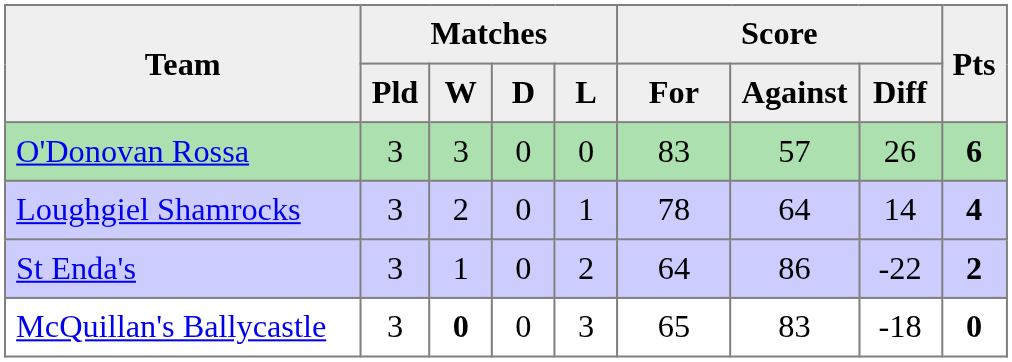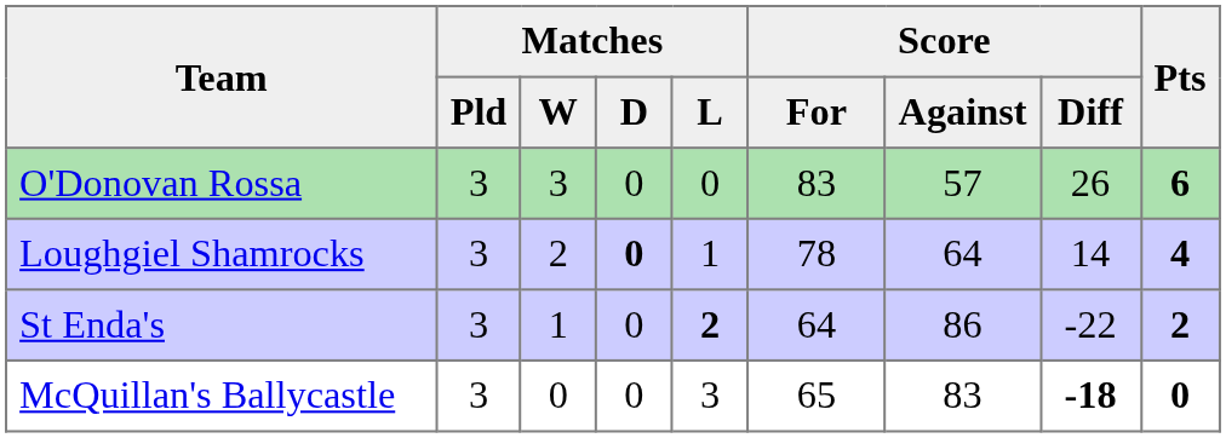 <table style=border-collapse:collapse border=1 cellspacing=0 cellpadding=5>
 <tr align=center bgcolor=#efefef>
 <th rowspan=2 width=165>Team</th>
 <th colspan=4>Matches</th>
 <th colspan=3>Score</th>
 <th rowspan=2width=20>Pts</th>
 </tr>
 <tr align=center bgcolor=#efefef>
 <th width=20>Pld</th>
 <th width=20>W</th>
 <th width=20>D</th>
 <th width=20>L</th>
 <th width=45>For</th>
 <th width=45>Against</th>
 <th width=30>Diff</th>
 </tr>
 <tr align=center style="background:#ACE1AF;">
 <td style="text-align:left;"><a href='#'>O'Donovan Rossa</a></td>
 <td>3</td>
 <td>3</td>
 <td>0</td>
 <td>0</td>
 <td>83</td>
 <td>57</td>
 <td>26</td>
 <td><strong>6</strong></td>
 </tr>
 <tr align=center style="background:#ccccff;">
 <td style="text-align:left;"><a href='#'>Loughgiel Shamrocks</a></td>
 <td>3</td>
 <td>2</td>
-<td>0</td>
+<td><strong>0</strong></td>
 <td>1</td>
 <td>78</td>
 <td>64</td>
 <td>14</td>
 <td><strong>4</strong></td>
 </tr>
 <tr align=center style="background:#ccccff;">
 <td style="text-align:left;"><a href='#'>St Enda's</a></td>
 <td>3</td>
 <td>1</td>
 <td>0</td>
-<td>2</td>
+<td><strong>2</strong></td>
 <td>64</td>
 <td>86</td>
 <td>-22</td>
 <td><strong>2</strong></td>
 </tr>
 <tr align=center>
 <td style="text-align:left;"><a href='#'>McQuillan's Ballycastle</a></td>
 <td>3</td>
-<td><strong>0</strong></td>
+<td>0</td>
 <td>0</td>
 <td>3</td>
 <td>65</td>
 <td>83</td>
-<td>-18</td>
+<td><strong>-18</strong></td>
 <td><strong>0</strong></td>
 </tr>
 </table>
